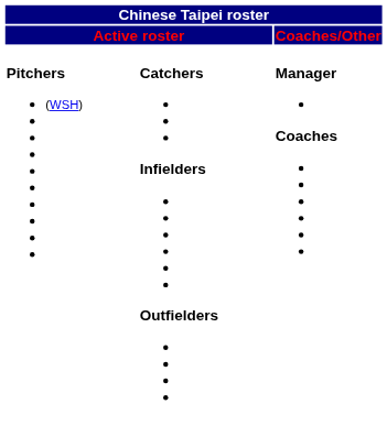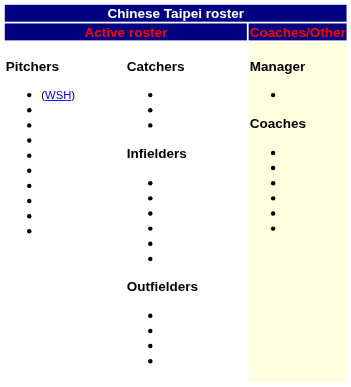 <table class="toccolours" style="font-size: 95%;">
 <tr>
 <th colspan="10" style="background-color: #000080; color: #FFFFFF; text-align: center;">Chinese Taipei roster</th>
 </tr>
 <tr>
 <td colspan="4" style="background-color: #000080; color: #FF0000; text-align: center;"><strong>Active roster</strong></td>
 <td colspan="1" style="background-color: #000080; color: #FF0000; text-align: center;"><strong>Coaches/Other</strong></td>
 </tr>
 <tr>
 <td style="vertical-align:top;"><br><strong>Pitchers</strong><br><ul><li> <small>(<a href='#'>WSH</a>)</small></li><li></li><li></li><li></li><li></li><li></li><li></li><li></li><li></li><li></li></ul></td>
 <td width="50px"> </td>
 <td style="vertical-align:top;"><br><strong>Catchers</strong><br><ul><li></li><li></li><li></li></ul><strong>Infielders</strong><br><ul><li></li><li></li><li></li><li></li><li></li><li></li></ul><strong>Outfielders</strong><br><ul><li></li><li></li><li></li><li></li></ul></td>
 <td width="50"> </td>
-<td style="vertical-align:top;"><br><strong>Manager</strong><br><ul><li></li></ul><strong>Coaches</strong><br><ul><li></li><li></li><li></li><li></li><li></li><li></li></ul></td>
+<td style="background: lightyellow; vertical-align:top;"><br><strong>Manager</strong><br><ul><li></li></ul><strong>Coaches</strong><br><ul><li></li><li></li><li></li><li></li><li></li><li></li></ul></td>
 </tr>
 </table>
